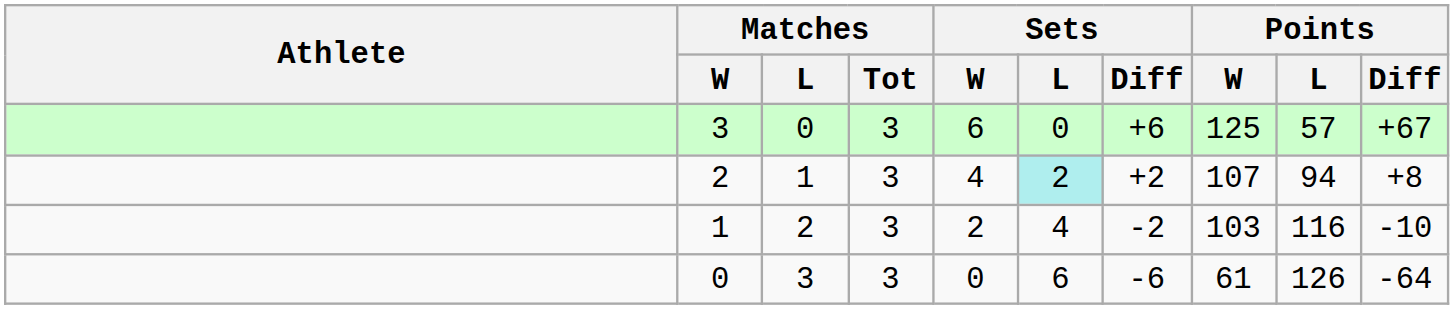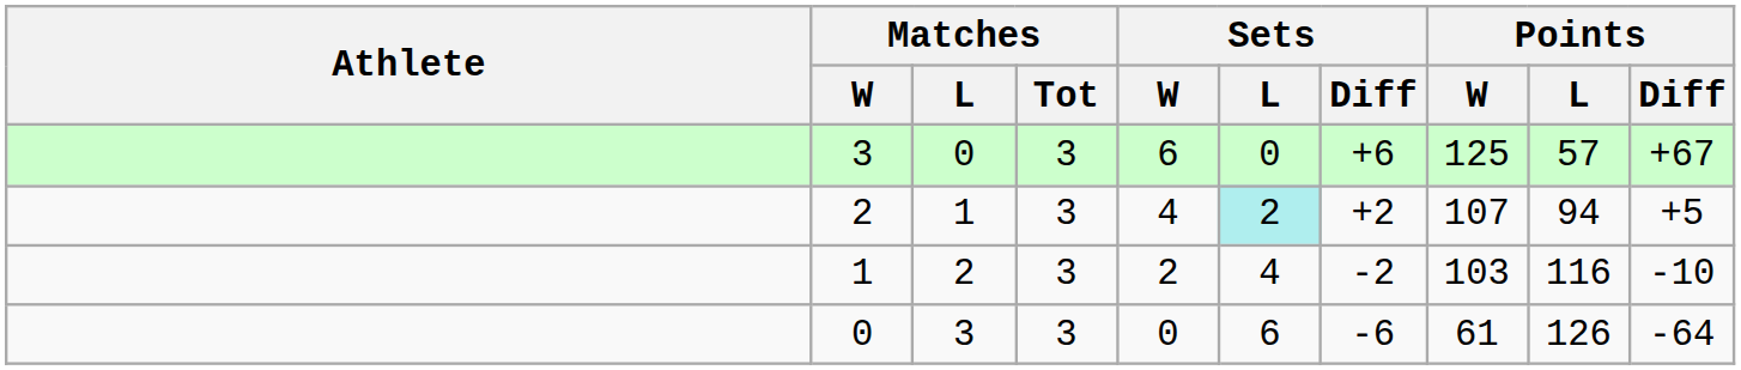 <table class=wikitable style="text-align:center">
 <tr>
 <th rowspan=2 width=280>Athlete</th>
 <th colspan=3 width=90>Matches</th>
 <th colspan=3 width=90>Sets</th>
 <th colspan=3 width=90>Points</th>
 </tr>
 <tr>
 <th width=30>W</th>
 <th width=30>L</th>
 <th width=30>Tot</th>
 <th width=30>W</th>
 <th width=30>L</th>
 <th width=30>Diff</th>
 <th width=30>W</th>
 <th width=30>L</th>
 <th width=30>Diff</th>
 </tr>
 <tr bgcolor=ccffcc>
 <td style="text-align:left"></td>
 <td>3</td>
 <td>0</td>
 <td>3</td>
 <td>6</td>
 <td>0</td>
 <td>+6</td>
 <td>125</td>
 <td>57</td>
 <td>+67</td>
 </tr>
 <tr>
 <td style="text-align:left"></td>
 <td>2</td>
 <td>1</td>
 <td>3</td>
 <td>4</td>
 <td style="background: paleturquoise;">2</td>
 <td>+2</td>
 <td>107</td>
 <td>94</td>
-<td>+8</td>
+<td>+5</td>
 </tr>
 <tr>
 <td style="text-align:left"></td>
 <td>1</td>
 <td>2</td>
 <td>3</td>
 <td>2</td>
 <td>4</td>
 <td>-2</td>
 <td>103</td>
 <td>116</td>
 <td>-10</td>
 </tr>
 <tr>
 <td style="text-align:left"></td>
 <td>0</td>
 <td>3</td>
 <td>3</td>
 <td>0</td>
 <td>6</td>
 <td>-6</td>
 <td>61</td>
 <td>126</td>
 <td>-64</td>
 </tr>
 </table>
